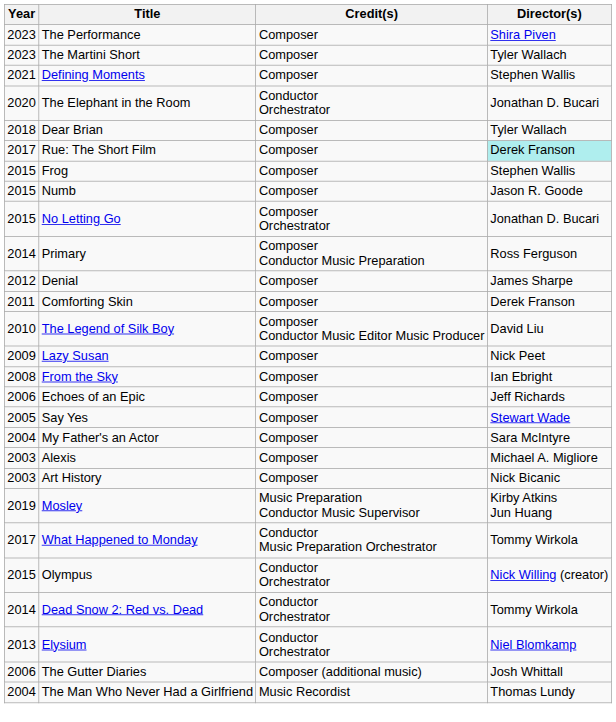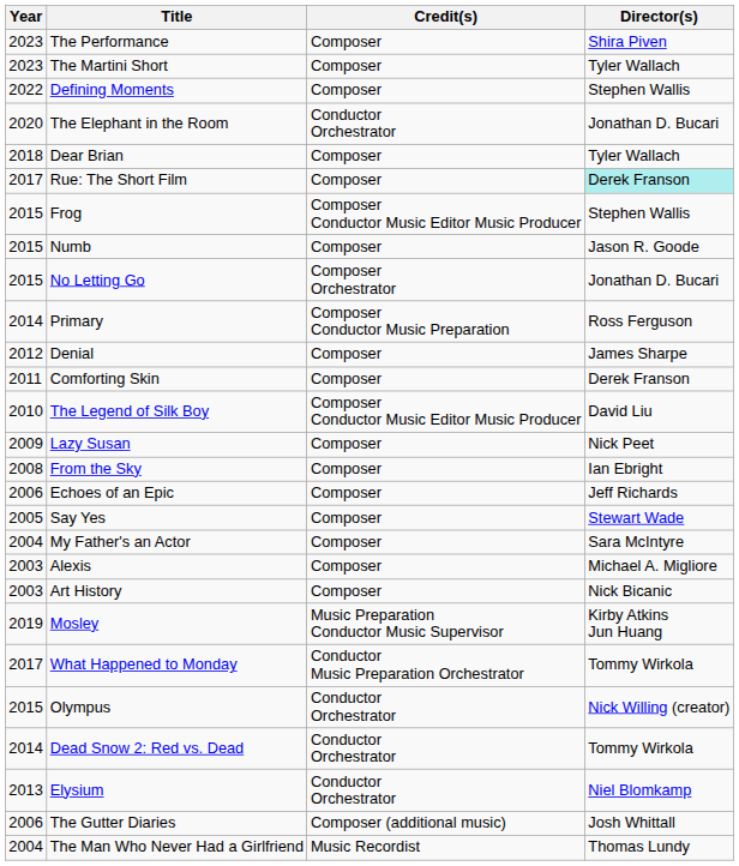 <table class="wikitable sortable">
 <tr>
 <th>Year</th>
 <th>Title</th>
 <th>Credit(s)</th>
 <th>Director(s)</th>
 </tr>
 <tr>
 <td>2023</td>
 <td>The Performance</td>
 <td>Composer</td>
 <td><a href='#'>Shira Piven</a></td>
 </tr>
 <tr>
 <td>2023</td>
 <td>The Martini Short</td>
 <td>Composer</td>
 <td>Tyler Wallach</td>
 </tr>
 <tr>
-<td>2021</td>
+<td>2022</td>
 <td><a href='#'>Defining Moments</a></td>
 <td>Composer</td>
 <td>Stephen Wallis</td>
 </tr>
 <tr>
 <td>2020</td>
 <td>The Elephant in the Room</td>
 <td>Conductor<br>Orchestrator</td>
 <td>Jonathan D. Bucari</td>
 </tr>
 <tr>
 <td>2018</td>
 <td>Dear Brian</td>
 <td>Composer</td>
 <td>Tyler Wallach</td>
 </tr>
 <tr>
 <td>2017</td>
 <td>Rue: The Short Film</td>
 <td>Composer</td>
 <td style="background: paleturquoise;">Derek Franson</td>
 </tr>
 <tr>
 <td>2015</td>
 <td>Frog</td>
-<td>Composer</td>
+<td>Composer<br>Conductor Music Editor Music Producer</td>
 <td>Stephen Wallis</td>
 </tr>
 <tr>
 <td>2015</td>
 <td>Numb</td>
 <td>Composer</td>
 <td>Jason R. Goode</td>
 </tr>
 <tr>
 <td>2015</td>
 <td><a href='#'>No Letting Go</a></td>
 <td>Composer<br>Orchestrator</td>
 <td>Jonathan D. Bucari</td>
 </tr>
 <tr>
 <td>2014</td>
 <td>Primary</td>
 <td>Composer<br>Conductor Music Preparation</td>
 <td>Ross Ferguson</td>
 </tr>
 <tr>
 <td>2012</td>
 <td>Denial</td>
 <td>Composer</td>
 <td>James Sharpe</td>
 </tr>
 <tr>
 <td>2011</td>
 <td>Comforting Skin</td>
 <td>Composer</td>
 <td>Derek Franson</td>
 </tr>
 <tr>
 <td>2010</td>
 <td><a href='#'>The Legend of Silk Boy</a></td>
 <td>Composer<br>Conductor Music Editor Music Producer</td>
 <td>David Liu</td>
 </tr>
 <tr>
 <td>2009</td>
 <td><a href='#'>Lazy Susan</a></td>
 <td>Composer</td>
 <td>Nick Peet</td>
 </tr>
 <tr>
 <td>2008</td>
 <td><a href='#'>From the Sky</a></td>
 <td>Composer</td>
 <td>Ian Ebright</td>
 </tr>
 <tr>
 <td>2006</td>
 <td>Echoes of an Epic</td>
 <td>Composer</td>
 <td>Jeff Richards</td>
 </tr>
 <tr>
 <td>2005</td>
 <td>Say Yes</td>
 <td>Composer</td>
 <td><a href='#'>Stewart Wade</a></td>
 </tr>
 <tr>
 <td>2004</td>
 <td>My Father's an Actor</td>
 <td>Composer</td>
 <td>Sara McIntyre</td>
 </tr>
 <tr>
 <td>2003</td>
 <td>Alexis</td>
 <td>Composer</td>
 <td>Michael A. Migliore</td>
 </tr>
 <tr>
 <td>2003</td>
 <td>Art History</td>
 <td>Composer</td>
 <td>Nick Bicanic</td>
 </tr>
 <tr>
 <td>2019</td>
 <td><a href='#'>Mosley</a></td>
 <td>Music Preparation<br>Conductor Music Supervisor</td>
 <td>Kirby Atkins<br>Jun Huang</td>
 </tr>
 <tr>
 <td>2017</td>
 <td><a href='#'>What Happened to Monday</a></td>
 <td>Conductor<br>Music Preparation Orchestrator</td>
 <td>Tommy Wirkola</td>
 </tr>
 <tr>
 <td>2015</td>
 <td>Olympus</td>
 <td>Conductor<br>Orchestrator</td>
 <td><a href='#'>Nick Willing</a> (creator)</td>
 </tr>
 <tr>
 <td>2014</td>
 <td><a href='#'>Dead Snow 2: Red vs. Dead</a></td>
 <td>Conductor<br>Orchestrator</td>
 <td>Tommy Wirkola</td>
 </tr>
 <tr>
 <td>2013</td>
 <td><a href='#'>Elysium</a></td>
 <td>Conductor<br>Orchestrator</td>
 <td><a href='#'>Niel Blomkamp</a></td>
 </tr>
 <tr>
 <td>2006</td>
 <td>The Gutter Diaries</td>
 <td>Composer (additional music)</td>
 <td>Josh Whittall</td>
 </tr>
 <tr>
 <td>2004</td>
 <td>The Man Who Never Had a Girlfriend</td>
 <td>Music Recordist</td>
 <td>Thomas Lundy</td>
 </tr>
 </table>
